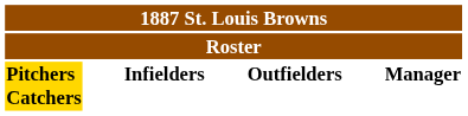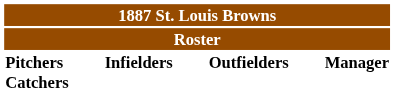 <table class="toccolours" style="font-size: 95%;">
 <tr>
 <th colspan="10" style="background-color: #964B00; color: white; text-align: center;">1887 St. Louis Browns</th>
 </tr>
 <tr>
 <td colspan="10" style="background-color: #964B00; color: white; text-align: center;"><strong>Roster</strong></td>
 </tr>
 <tr>
-<td valign="top" style="background: gold;"><strong>Pitchers</strong><br>   <strong>Catchers</strong>   </td>
+<td valign="top"><strong>Pitchers</strong><br>   <strong>Catchers</strong>   </td>
 <td width="25px"></td>
 <td valign="top"><strong>Infielders</strong><br>    </td>
 <td width="25px"></td>
 <td valign="top"><strong>Outfielders</strong><br>     </td>
 <td width="25px"></td>
 <td valign="top"><strong>Manager</strong><br></td>
 </tr>
 </table>
